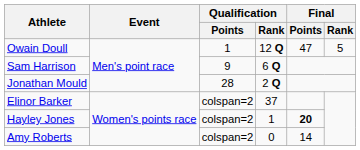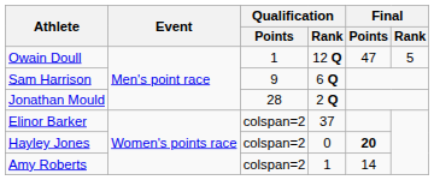 <table class="wikitable" style="font-size:90%;">
 <tr>
 <th rowspan=2>Athlete</th>
 <th rowspan=2>Event</th>
 <th colspan=2>Qualification</th>
 <th colspan=2>Final</th>
 </tr>
 <tr style="font-size:95%">
 <th>Points</th>
 <th>Rank</th>
 <th>Points</th>
 <th>Rank</th>
 </tr>
 <tr align=center>
 <td align=left><a href='#'>Owain Doull</a></td>
 <td align=left rowspan=3><a href='#'>Men's point race</a></td>
 <td>1</td>
 <td>12 <strong>Q</strong></td>
 <td>47</td>
 <td>5</td>
 </tr>
 <tr align=center>
 <td align=left><a href='#'>Sam Harrison</a></td>
 <td>9</td>
 <td>6 <strong>Q</strong></td>
 <td colspan="2"></td>
 </tr>
 <tr align=center>
 <td align=left><a href='#'>Jonathan Mould</a></td>
 <td>28</td>
 <td>2 <strong>Q</strong></td>
 <td colspan="2"></td>
 </tr>
 <tr align=center>
 <td align=left><a href='#'>Elinor Barker</a></td>
 <td align=left rowspan=3><a href='#'>Women's points race</a></td>
 <td>colspan=2 </td>
 <td>37</td>
 <td></td>
 </tr>
 <tr align=center>
 <td align=left><a href='#'>Hayley Jones</a></td>
 <td>colspan=2 </td>
-<td>1</td>
+<td>0</td>
 <td><strong>20</strong></td>
 </tr>
 <tr align=center>
 <td align=left><a href='#'>Amy Roberts</a></td>
 <td>colspan=2 </td>
-<td>0</td>
+<td>1</td>
 <td>14</td>
 </tr>
 </table>
